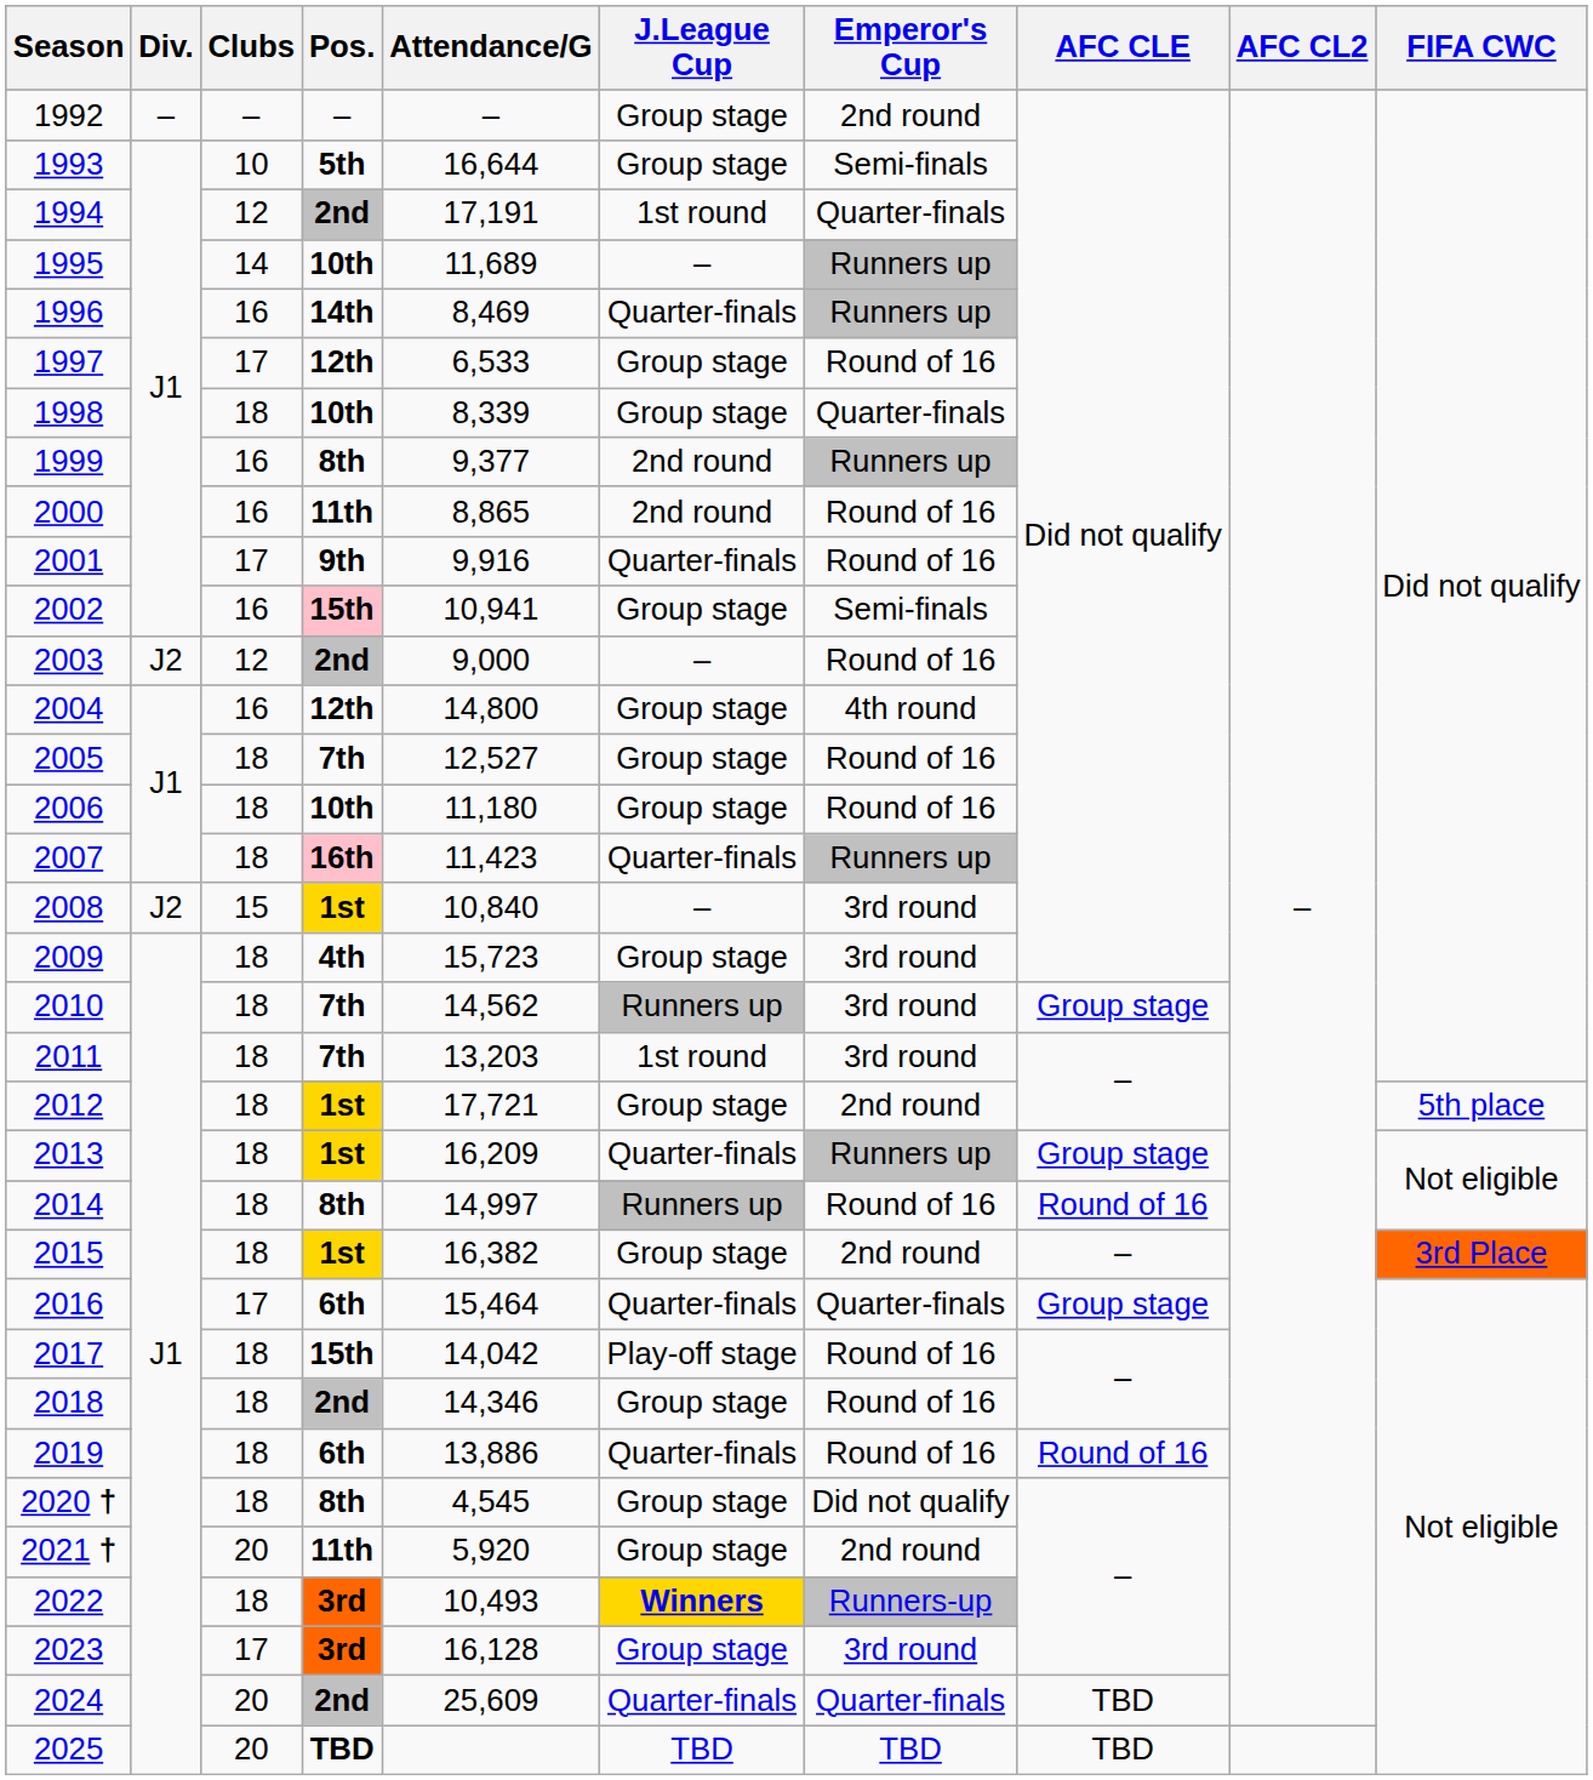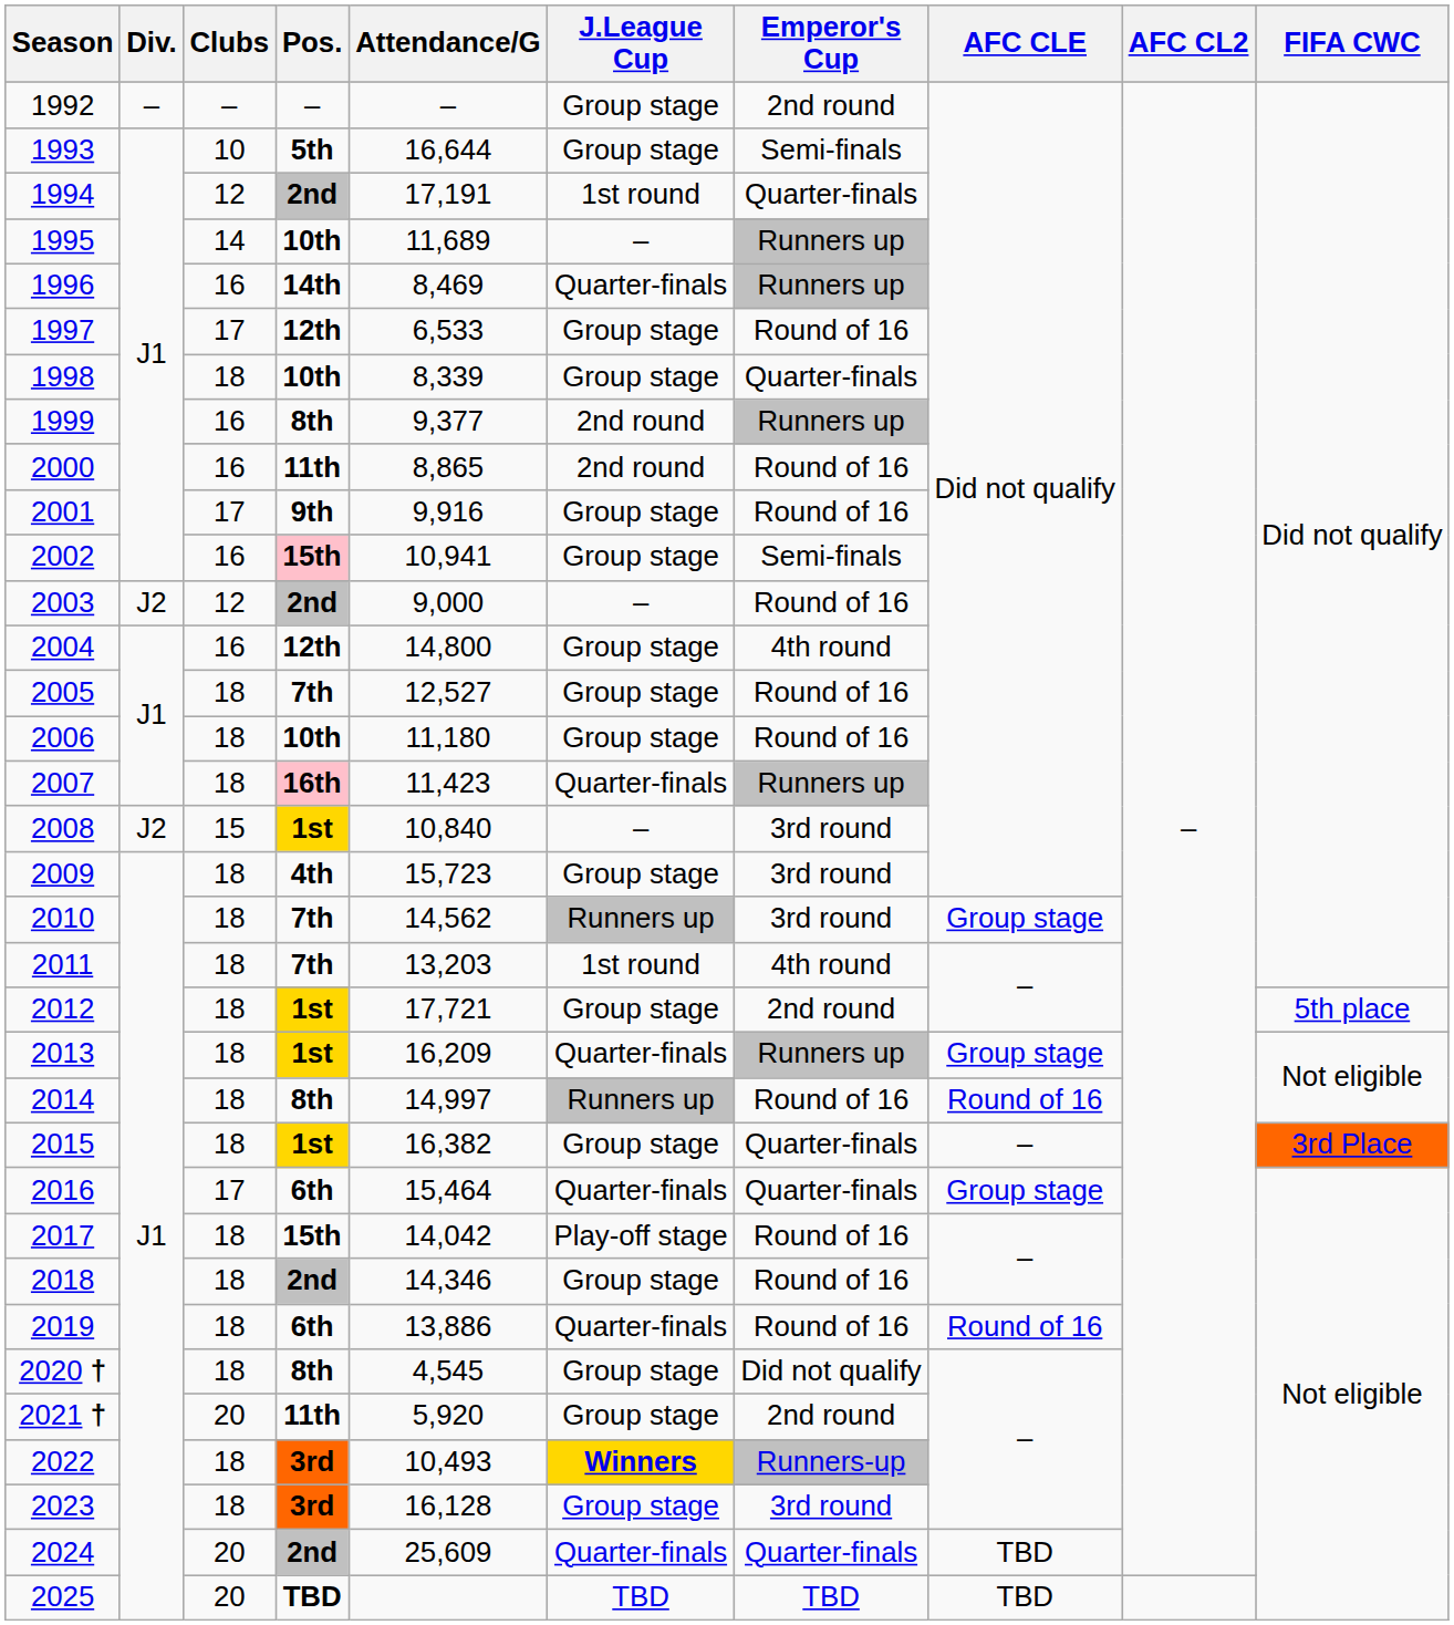 <table class="wikitable" style="text-align:center">
 <tr>
 <th>Season</th>
 <th>Div.</th>
 <th>Clubs</th>
 <th>Pos.</th>
 <th>Attendance/G</th>
 <th><a href='#'>J.League<br> Cup</a></th>
 <th><a href='#'>Emperor's<br> Cup</a></th>
 <th><a href='#'>AFC CLE</a></th>
 <th><a href='#'>AFC CL2</a></th>
 <th><a href='#'>FIFA CWC</a></th>
 </tr>
 <tr>
 <td>1992</td>
 <td>–</td>
 <td>–</td>
 <td>–</td>
 <td>–</td>
 <td>Group stage</td>
 <td>2nd round</td>
 <td rowspan="18">Did not qualify</td>
 <td rowspan="33">–</td>
 <td rowspan="20">Did not qualify</td>
 </tr>
 <tr>
 <td><a href='#'>1993</a></td>
 <td rowspan="10">J1</td>
 <td>10</td>
 <td><strong>5th</strong></td>
 <td>16,644</td>
 <td>Group stage</td>
 <td>Semi-finals</td>
 </tr>
 <tr>
 <td><a href='#'>1994</a></td>
 <td>12</td>
 <td bgcolor=silver><strong>2nd</strong></td>
 <td>17,191</td>
 <td>1st round</td>
 <td>Quarter-finals</td>
 </tr>
 <tr>
 <td><a href='#'>1995</a></td>
 <td>14</td>
 <td><strong>10th</strong></td>
 <td>11,689</td>
 <td>–</td>
 <td bgcolor=silver>Runners up</td>
 </tr>
 <tr>
 <td><a href='#'>1996</a></td>
 <td>16</td>
 <td><strong>14th</strong></td>
 <td>8,469</td>
 <td>Quarter-finals</td>
 <td bgcolor=silver>Runners up</td>
 </tr>
 <tr>
 <td><a href='#'>1997</a></td>
 <td>17</td>
 <td><strong>12th</strong></td>
 <td>6,533</td>
 <td>Group stage</td>
 <td>Round of 16</td>
 </tr>
 <tr>
 <td><a href='#'>1998</a></td>
 <td>18</td>
 <td><strong>10th</strong></td>
 <td>8,339</td>
 <td>Group stage</td>
 <td>Quarter-finals</td>
 </tr>
 <tr>
 <td><a href='#'>1999</a></td>
 <td>16</td>
 <td><strong>8th</strong></td>
 <td>9,377</td>
 <td>2nd round</td>
 <td bgcolor=silver>Runners up</td>
 </tr>
 <tr>
 <td><a href='#'>2000</a></td>
 <td>16</td>
 <td><strong>11th</strong></td>
 <td>8,865</td>
 <td>2nd round</td>
 <td>Round of 16</td>
 </tr>
 <tr>
 <td><a href='#'>2001</a></td>
 <td>17</td>
 <td><strong>9th</strong></td>
 <td>9,916</td>
-<td>Quarter-finals</td>
+<td>Group stage</td>
 <td>Round of 16</td>
 </tr>
 <tr>
 <td><a href='#'>2002</a></td>
 <td>16</td>
 <td bgcolor=pink><strong>15th</strong></td>
 <td>10,941</td>
 <td>Group stage</td>
 <td>Semi-finals</td>
 </tr>
 <tr>
 <td><a href='#'>2003</a></td>
 <td>J2</td>
 <td>12</td>
 <td bgcolor=silver><strong>2nd</strong></td>
 <td>9,000</td>
 <td>–</td>
 <td>Round of 16</td>
 </tr>
 <tr>
 <td><a href='#'>2004</a></td>
 <td rowspan="4">J1</td>
 <td>16</td>
 <td><strong>12th</strong></td>
 <td>14,800</td>
 <td>Group stage</td>
 <td>4th round</td>
 </tr>
 <tr>
 <td><a href='#'>2005</a></td>
 <td>18</td>
 <td><strong>7th</strong></td>
 <td>12,527</td>
 <td>Group stage</td>
 <td>Round of 16</td>
 </tr>
 <tr>
 <td><a href='#'>2006</a></td>
 <td>18</td>
 <td><strong>10th</strong></td>
 <td>11,180</td>
 <td>Group stage</td>
 <td>Round of 16</td>
 </tr>
 <tr>
 <td><a href='#'>2007</a></td>
 <td>18</td>
 <td bgcolor=pink><strong>16th</strong></td>
 <td>11,423</td>
 <td>Quarter-finals</td>
 <td bgcolor=silver>Runners up</td>
 </tr>
 <tr>
 <td><a href='#'>2008</a></td>
 <td>J2</td>
 <td>15</td>
 <td bgcolor=gold><strong>1st</strong></td>
 <td>10,840</td>
 <td>–</td>
 <td>3rd round</td>
 </tr>
 <tr>
 <td><a href='#'>2009</a></td>
 <td rowspan="18">J1</td>
 <td>18</td>
 <td><strong>4th</strong></td>
 <td>15,723</td>
 <td>Group stage</td>
 <td>3rd round</td>
 </tr>
 <tr>
 <td><a href='#'>2010</a></td>
 <td>18</td>
 <td><strong>7th</strong></td>
 <td>14,562</td>
 <td bgcolor=silver>Runners up</td>
 <td>3rd round</td>
 <td><a href='#'>Group stage</a></td>
 </tr>
 <tr>
 <td><a href='#'>2011</a></td>
 <td>18</td>
 <td><strong>7th</strong></td>
 <td>13,203</td>
 <td>1st round</td>
-<td>3rd round</td>
+<td>4th round</td>
 <td rowspan="2">–</td>
 </tr>
 <tr>
 <td><a href='#'>2012</a></td>
 <td>18</td>
 <td bgcolor=gold><strong>1st</strong></td>
 <td>17,721</td>
 <td>Group stage</td>
 <td>2nd round</td>
 <td><a href='#'>5th place</a></td>
 </tr>
 <tr>
 <td><a href='#'>2013</a></td>
 <td>18</td>
 <td bgcolor=gold><strong>1st</strong></td>
 <td>16,209</td>
 <td>Quarter-finals</td>
 <td bgcolor=silver>Runners up</td>
 <td><a href='#'>Group stage</a></td>
 <td rowspan="2">Not eligible</td>
 </tr>
 <tr>
 <td><a href='#'>2014</a></td>
 <td>18</td>
 <td><strong>8th</strong></td>
 <td>14,997</td>
 <td bgcolor=silver>Runners up</td>
 <td>Round of 16</td>
 <td><a href='#'>Round of 16</a></td>
 </tr>
 <tr>
 <td><a href='#'>2015</a></td>
 <td>18</td>
 <td bgcolor=gold><strong>1st</strong></td>
 <td>16,382</td>
 <td>Group stage</td>
-<td>2nd round</td>
+<td>Quarter-finals</td>
 <td>–</td>
 <td bgcolor=ff6600><a href='#'>3rd Place</a></td>
 </tr>
 <tr>
 <td><a href='#'>2016</a></td>
 <td>17</td>
 <td><strong>6th</strong></td>
 <td>15,464</td>
 <td>Quarter-finals</td>
 <td>Quarter-finals</td>
 <td><a href='#'>Group stage</a></td>
 <td rowspan="10">Not eligible</td>
 </tr>
 <tr>
 <td><a href='#'>2017</a></td>
 <td>18</td>
 <td><strong>15th</strong></td>
 <td>14,042</td>
 <td>Play-off stage</td>
 <td>Round of 16</td>
 <td rowspan="2">–</td>
 </tr>
 <tr>
 <td><a href='#'>2018</a></td>
 <td>18</td>
 <td bgcolor=silver><strong>2nd</strong></td>
 <td>14,346</td>
 <td>Group stage</td>
 <td>Round of 16</td>
 </tr>
 <tr>
 <td><a href='#'>2019</a></td>
 <td>18</td>
 <td><strong>6th</strong></td>
 <td>13,886</td>
 <td>Quarter-finals</td>
 <td>Round of 16</td>
 <td><a href='#'>Round of 16</a></td>
 </tr>
 <tr>
 <td><a href='#'>2020</a> <strong>†</strong></td>
 <td>18</td>
 <td><strong>8th</strong></td>
 <td>4,545</td>
 <td>Group stage</td>
 <td>Did not qualify</td>
 <td rowspan="4">–</td>
 </tr>
 <tr>
 <td><a href='#'>2021</a> <strong>†</strong></td>
 <td>20</td>
 <td><strong>11th</strong></td>
 <td>5,920</td>
 <td>Group stage</td>
 <td>2nd round</td>
 </tr>
 <tr>
 <td><a href='#'>2022</a></td>
 <td>18</td>
 <td bgcolor=ff6600><strong>3rd</strong></td>
 <td>10,493</td>
 <td bgcolor="gold"><strong><a href='#'>Winners</a></strong></td>
 <td bgcolor=silver><a href='#'>Runners-up</a></td>
 </tr>
 <tr>
 <td><a href='#'>2023</a></td>
-<td>17</td>
+<td>18</td>
 <td bgcolor=ff6600><strong>3rd</strong></td>
 <td>16,128</td>
 <td><a href='#'>Group stage</a></td>
 <td><a href='#'>3rd round</a></td>
 </tr>
 <tr>
 <td><a href='#'>2024</a></td>
 <td>20</td>
 <td bgcolor=silver><strong>2nd</strong></td>
 <td>25,609</td>
 <td><a href='#'>Quarter-finals</a></td>
 <td><a href='#'>Quarter-finals</a></td>
 <td>TBD</td>
 </tr>
 <tr>
 <td><a href='#'>2025</a></td>
 <td>20</td>
 <td><strong>TBD</strong></td>
 <td></td>
 <td><a href='#'>TBD</a></td>
 <td><a href='#'>TBD</a></td>
 <td>TBD</td>
 </tr>
 </table>
